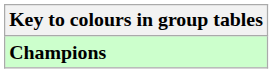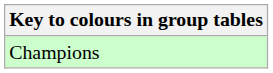 <table class="wikitable">
 <tr>
 <th>Key to colours in group tables</th>
 </tr>
 <tr bgcolor=#ccffcc>
-<td><strong>Champions</strong></td>
+<td>Champions</td>
 </tr>
 </table>
